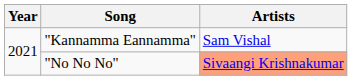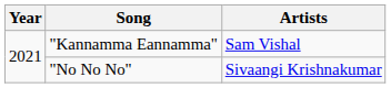 <table class="wikitable">
 <tr>
 <th>Year</th>
 <th>Song</th>
 <th>Artists</th>
 </tr>
 <tr>
 <td rowspan="2">2021</td>
 <td>"Kannamma Eannamma"</td>
 <td><a href='#'>Sam Vishal</a></td>
 </tr>
 <tr>
 <td>"No No No"</td>
-<td style="background: lightsalmon;"><a href='#'>Sivaangi Krishnakumar</a></td>
+<td><a href='#'>Sivaangi Krishnakumar</a></td>
 </tr>
 </table>
